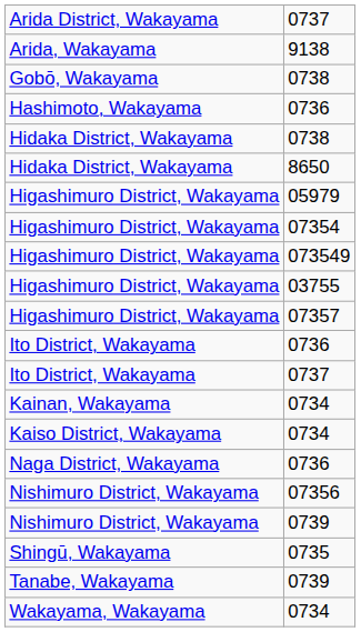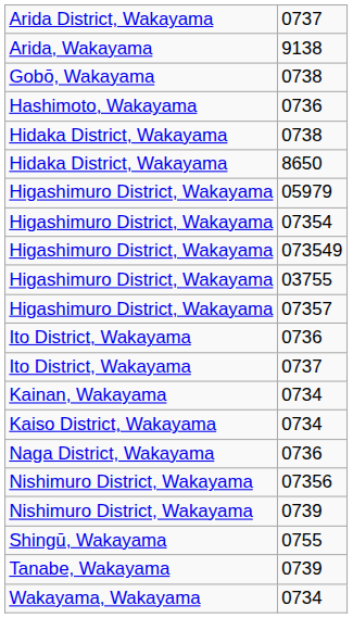 <table class="wikitable">
 <tr>
 <td><a href='#'>Arida District, Wakayama</a></td>
 <td>0737</td>
 </tr>
 <tr>
 <td><a href='#'>Arida, Wakayama</a></td>
 <td>9138</td>
 </tr>
 <tr>
 <td><a href='#'>Gobō, Wakayama</a></td>
 <td>0738</td>
 </tr>
 <tr>
 <td><a href='#'>Hashimoto, Wakayama</a></td>
 <td>0736</td>
 </tr>
 <tr>
 <td><a href='#'>Hidaka District, Wakayama</a></td>
 <td>0738</td>
 </tr>
 <tr>
 <td><a href='#'>Hidaka District, Wakayama</a></td>
 <td>8650</td>
 </tr>
 <tr>
 <td><a href='#'>Higashimuro District, Wakayama</a></td>
 <td>05979</td>
 </tr>
 <tr>
 <td><a href='#'>Higashimuro District, Wakayama</a></td>
 <td>07354</td>
 </tr>
 <tr>
 <td><a href='#'>Higashimuro District, Wakayama</a></td>
 <td>073549</td>
 </tr>
 <tr>
 <td><a href='#'>Higashimuro District, Wakayama</a></td>
 <td>03755</td>
 </tr>
 <tr>
 <td><a href='#'>Higashimuro District, Wakayama</a></td>
 <td>07357</td>
 </tr>
 <tr>
 <td><a href='#'>Ito District, Wakayama</a></td>
 <td>0736</td>
 </tr>
 <tr>
 <td><a href='#'>Ito District, Wakayama</a></td>
 <td>0737</td>
 </tr>
 <tr>
 <td><a href='#'>Kainan, Wakayama</a></td>
 <td>0734</td>
 </tr>
 <tr>
 <td><a href='#'>Kaiso District, Wakayama</a></td>
 <td>0734</td>
 </tr>
 <tr>
 <td><a href='#'>Naga District, Wakayama</a></td>
 <td>0736</td>
 </tr>
 <tr>
 <td><a href='#'>Nishimuro District, Wakayama</a></td>
 <td>07356</td>
 </tr>
 <tr>
 <td><a href='#'>Nishimuro District, Wakayama</a></td>
 <td>0739</td>
 </tr>
 <tr>
 <td><a href='#'>Shingū, Wakayama</a></td>
-<td>0735</td>
+<td>0755</td>
 </tr>
 <tr>
 <td><a href='#'>Tanabe, Wakayama</a></td>
 <td>0739</td>
 </tr>
 <tr>
 <td><a href='#'>Wakayama, Wakayama</a></td>
 <td>0734</td>
 </tr>
 </table>
